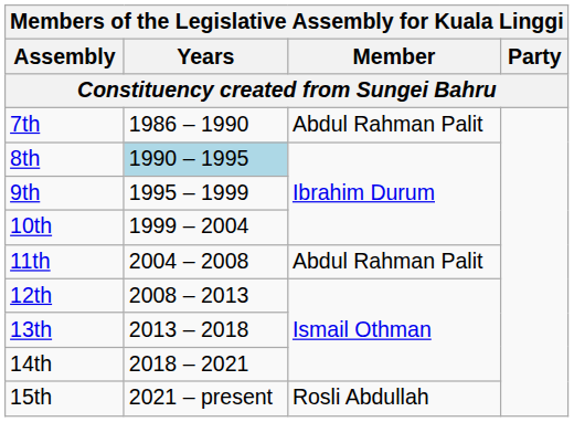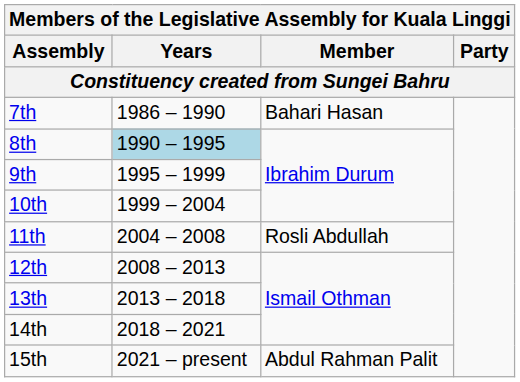 <table class=wikitable>
 <tr>
 <th colspan=4>Members of the Legislative Assembly for Kuala Linggi</th>
 </tr>
 <tr>
 <th>Assembly</th>
 <th>Years</th>
 <th>Member</th>
 <th>Party</th>
 </tr>
 <tr>
 <th colspan=4 align=center><em>Constituency created from Sungei Bahru</em></th>
 </tr>
 <tr>
 <td><a href='#'>7th</a></td>
 <td>1986 – 1990</td>
-<td>Abdul Rahman Palit</td>
+<td>Bahari Hasan</td>
 <td rowspan="9"></td>
 </tr>
 <tr>
 <td><a href='#'>8th</a></td>
 <td style="background: lightblue;">1990 – 1995</td>
 <td rowspan="3"><a href='#'>Ibrahim Durum</a></td>
 </tr>
 <tr>
 <td><a href='#'>9th</a></td>
 <td>1995 – 1999</td>
 </tr>
 <tr>
 <td><a href='#'>10th</a></td>
 <td>1999 – 2004</td>
 </tr>
 <tr>
 <td><a href='#'>11th</a></td>
 <td>2004 – 2008</td>
-<td>Abdul Rahman Palit</td>
+<td>Rosli Abdullah</td>
 </tr>
 <tr>
 <td><a href='#'>12th</a></td>
 <td>2008 – 2013</td>
 <td rowspan="3"><a href='#'>Ismail Othman</a></td>
 </tr>
 <tr>
 <td><a href='#'>13th</a></td>
 <td>2013 – 2018</td>
 </tr>
 <tr>
 <td>14th</td>
 <td>2018 – 2021</td>
 </tr>
 <tr>
 <td>15th</td>
 <td>2021 – present</td>
-<td>Rosli Abdullah</td>
+<td>Abdul Rahman Palit</td>
 </tr>
 </table>
